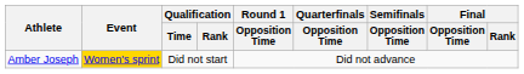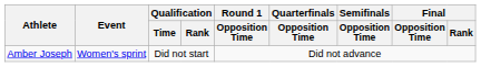 <table class="wikitable" style="font-size:90%;">
 <tr>
 <th rowspan=2>Athlete</th>
 <th rowspan=2>Event</th>
 <th colspan=2>Qualification</th>
 <th>Round 1</th>
 <th>Quarterfinals</th>
 <th>Semifinals</th>
 <th colspan=2>Final</th>
 </tr>
 <tr style="font-size:95%">
 <th>Time</th>
 <th>Rank</th>
 <th>Opposition<br>Time</th>
 <th>Opposition<br>Time</th>
 <th>Opposition<br>Time</th>
 <th>Opposition<br>Time</th>
 <th>Rank</th>
 </tr>
 <tr align=center>
 <td align=left><a href='#'>Amber Joseph</a></td>
-<td align=left style="background: gold;"><a href='#'>Women's sprint</a></td>
+<td align=left><a href='#'>Women's sprint</a></td>
 <td colspan=2>Did not start</td>
 <td colspan=5>Did not advance</td>
 </tr>
 </table>
